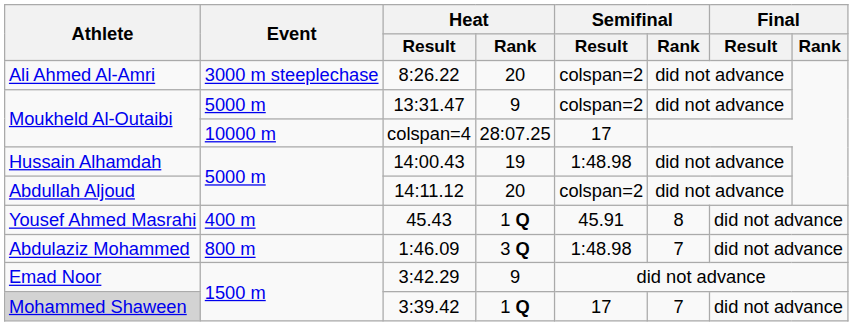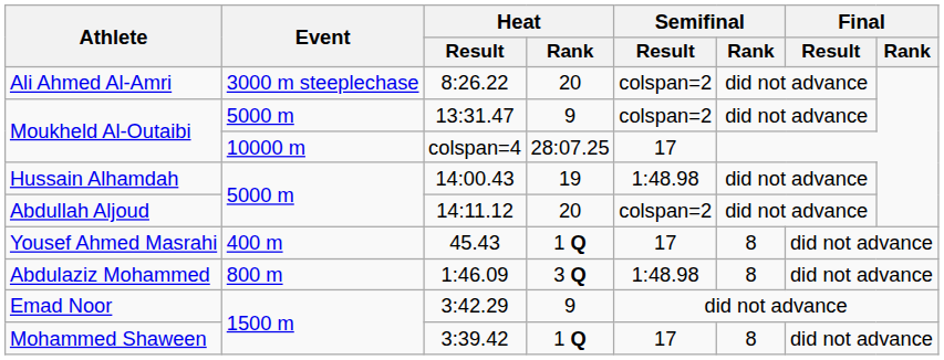 <table class="wikitable" style="font-size:90%">
 <tr>
 <th rowspan="2">Athlete</th>
 <th rowspan="2">Event</th>
 <th colspan="2">Heat</th>
 <th colspan="2">Semifinal</th>
 <th colspan="2">Final</th>
 </tr>
 <tr style="font-size:95%">
 <th>Result</th>
 <th>Rank</th>
 <th>Result</th>
 <th>Rank</th>
 <th>Result</th>
 <th>Rank</th>
 </tr>
 <tr align=center>
 <td align=left><a href='#'>Ali Ahmed Al-Amri</a></td>
 <td align=left><a href='#'>3000 m steeplechase</a></td>
 <td>8:26.22</td>
 <td>20</td>
 <td>colspan=2 </td>
 <td colspan=2>did not advance</td>
 </tr>
 <tr align=center>
 <td style="text-align:left;" rowspan="2"><a href='#'>Moukheld Al-Outaibi</a></td>
 <td align=left><a href='#'>5000 m</a></td>
 <td>13:31.47</td>
 <td>9</td>
 <td>colspan=2 </td>
 <td colspan=2>did not advance</td>
 </tr>
 <tr align=center>
 <td align=left><a href='#'>10000 m</a></td>
 <td>colspan=4 </td>
 <td>28:07.25</td>
 <td>17</td>
 </tr>
 <tr align=center>
 <td align=left><a href='#'>Hussain Alhamdah</a></td>
 <td style="text-align:left;" rowspan="2"><a href='#'>5000 m</a></td>
 <td>14:00.43</td>
 <td>19</td>
 <td>1:48.98</td>
 <td colspan="2">did not advance</td>
 </tr>
 <tr align=center>
 <td align=left><a href='#'>Abdullah Aljoud</a></td>
 <td>14:11.12</td>
 <td>20</td>
 <td>colspan=2 </td>
 <td colspan="2">did not advance</td>
 </tr>
 <tr align=center>
 <td align=left><a href='#'>Yousef Ahmed Masrahi</a></td>
 <td align=left><a href='#'>400 m</a></td>
 <td>45.43</td>
 <td>1 <strong>Q</strong></td>
-<td>45.91</td>
+<td>17</td>
 <td>8</td>
 <td colspan=2>did not advance</td>
 </tr>
 <tr align=center>
 <td align=left><a href='#'>Abdulaziz Mohammed</a></td>
 <td align=left><a href='#'>800 m</a></td>
 <td>1:46.09</td>
 <td>3 <strong>Q</strong></td>
 <td>1:48.98</td>
-<td>7</td>
+<td>8</td>
 <td colspan=2>did not advance</td>
 </tr>
 <tr align=center>
 <td align=left><a href='#'>Emad Noor</a></td>
 <td style="text-align:left;" rowspan="2"><a href='#'>1500 m</a></td>
 <td>3:42.29</td>
 <td>9</td>
 <td colspan=4>did not advance</td>
 </tr>
 <tr align=center>
-<td align=left style="background: lightgrey;"><a href='#'>Mohammed Shaween</a></td>
+<td align=left><a href='#'>Mohammed Shaween</a></td>
 <td>3:39.42</td>
 <td>1 <strong>Q</strong></td>
 <td>17</td>
-<td>7</td>
+<td>8</td>
 <td colspan=2>did not advance</td>
 </tr>
 </table>
